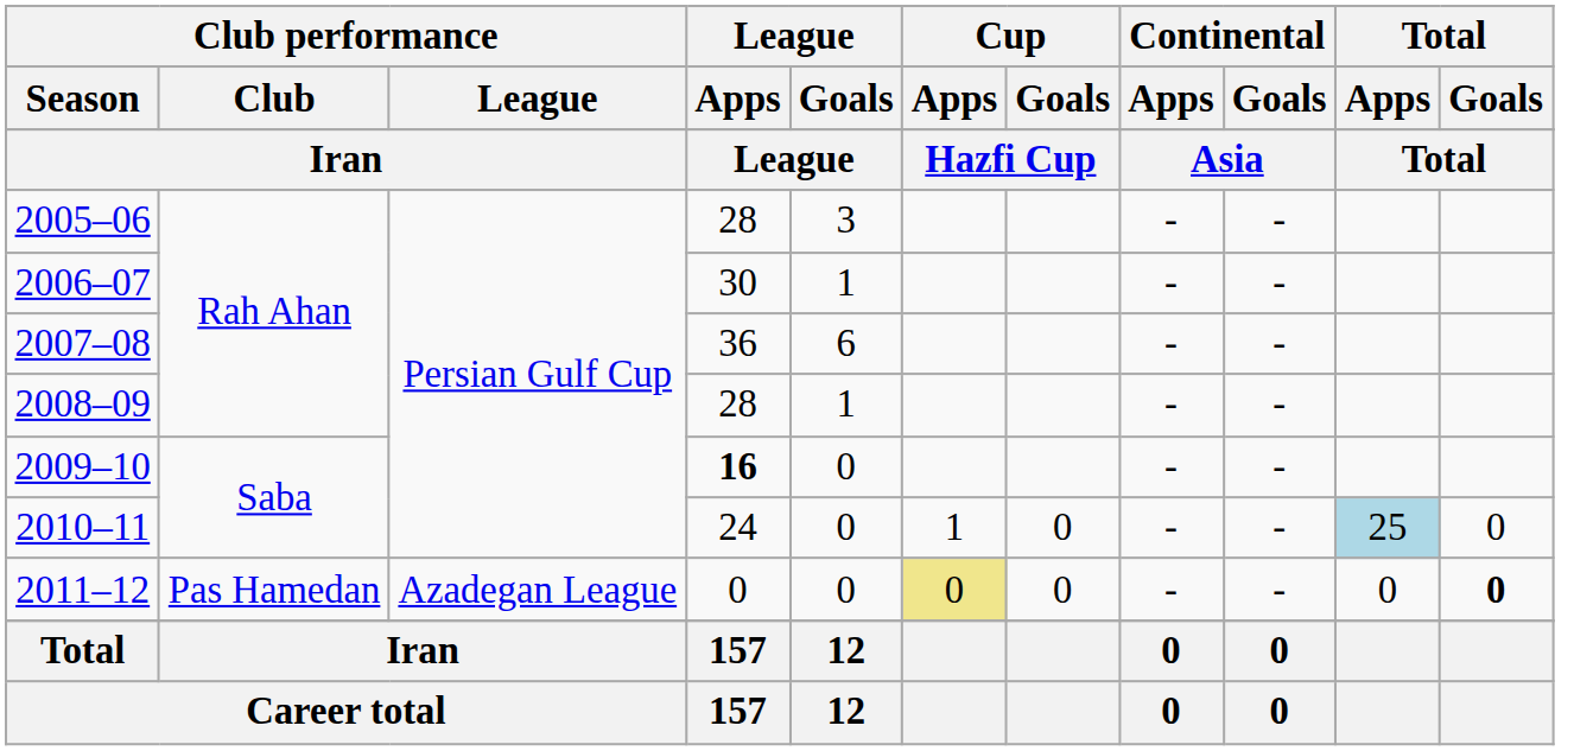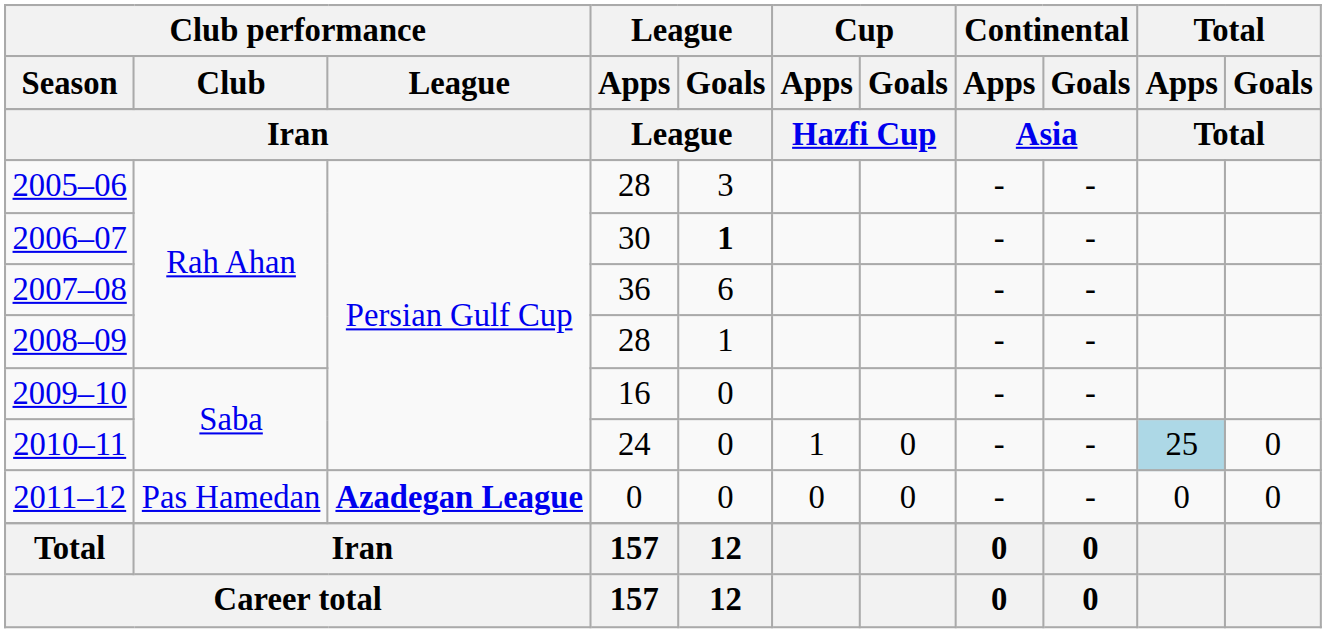 <table class="wikitable" style="text-align:center">
 <tr>
 <th colspan=3>Club performance</th>
 <th colspan=2>League</th>
 <th colspan=2>Cup</th>
 <th colspan=2>Continental</th>
 <th colspan=2>Total</th>
 </tr>
 <tr>
 <th>Season</th>
 <th>Club</th>
 <th>League</th>
 <th>Apps</th>
 <th>Goals</th>
 <th>Apps</th>
 <th>Goals</th>
 <th>Apps</th>
 <th>Goals</th>
 <th>Apps</th>
 <th>Goals</th>
 </tr>
 <tr>
 </tr>
 <tr>
 <th colspan=3>Iran</th>
 <th colspan=2>League</th>
 <th colspan=2><a href='#'>Hazfi Cup</a></th>
 <th colspan=2><a href='#'>Asia</a></th>
 <th colspan=2>Total</th>
 </tr>
 <tr>
 <td><a href='#'>2005–06</a></td>
 <td rowspan="4"><a href='#'>Rah Ahan</a></td>
 <td rowspan="6"><a href='#'>Persian Gulf Cup</a></td>
 <td>28</td>
 <td>3</td>
 <td></td>
 <td></td>
 <td>-</td>
 <td>-</td>
 <td></td>
 <td></td>
 </tr>
 <tr>
 <td><a href='#'>2006–07</a></td>
 <td>30</td>
-<td>1</td>
+<td><strong>1</strong></td>
 <td></td>
 <td></td>
 <td>-</td>
 <td>-</td>
 <td></td>
 <td></td>
 </tr>
 <tr>
 <td><a href='#'>2007–08</a></td>
 <td>36</td>
 <td>6</td>
 <td></td>
 <td></td>
 <td>-</td>
 <td>-</td>
 <td></td>
 <td></td>
 </tr>
 <tr>
 <td><a href='#'>2008–09</a></td>
 <td>28</td>
 <td>1</td>
 <td></td>
 <td></td>
 <td>-</td>
 <td>-</td>
 <td></td>
 <td></td>
 </tr>
 <tr>
 <td><a href='#'>2009–10</a></td>
 <td rowspan="2"><a href='#'>Saba</a></td>
-<td><strong>16</strong></td>
+<td>16</td>
 <td>0</td>
 <td></td>
 <td></td>
 <td>-</td>
 <td>-</td>
 <td></td>
 <td></td>
 </tr>
 <tr>
 <td><a href='#'>2010–11</a></td>
 <td>24</td>
 <td>0</td>
 <td>1</td>
 <td>0</td>
 <td>-</td>
 <td>-</td>
 <td style="background: lightblue;">25</td>
 <td>0</td>
 </tr>
 <tr>
 <td><a href='#'>2011–12</a></td>
 <td rowspan="1"><a href='#'>Pas Hamedan</a></td>
-<td rowspan="1"><a href='#'>Azadegan League</a></td>
+<td rowspan="1"><strong><a href='#'>Azadegan League</a></strong></td>
 <td>0</td>
 <td>0</td>
-<td style="background: khaki;">0</td>
+<td>0</td>
 <td>0</td>
 <td>-</td>
 <td>-</td>
 <td>0</td>
-<td><strong>0</strong></td>
+<td>0</td>
 </tr>
 <tr>
 </tr>
 <tr>
 <th rowspan=1>Total</th>
 <th colspan=2>Iran</th>
 <th>157</th>
 <th>12</th>
 <th></th>
 <th></th>
 <th>0</th>
 <th>0</th>
 <th></th>
 <th></th>
 </tr>
 <tr>
 <th colspan=3>Career total</th>
 <th>157</th>
 <th>12</th>
 <th></th>
 <th></th>
 <th>0</th>
 <th>0</th>
 <th></th>
 <th></th>
 </tr>
 </table>
